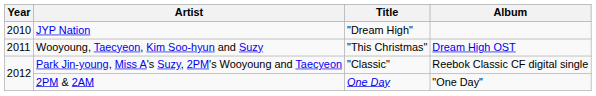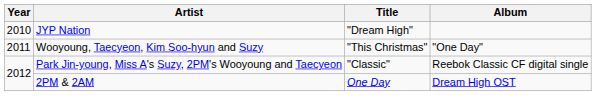 <table class="wikitable">
 <tr style="background:#b0c4de; text-align:center;">
 <th>Year</th>
 <th>Artist</th>
 <th>Title</th>
 <th>Album</th>
 </tr>
 <tr>
 <td>2010</td>
 <td><a href='#'>JYP Nation</a></td>
 <td>"Dream High"</td>
 <td></td>
 </tr>
 <tr>
 <td>2011</td>
 <td>Wooyoung, <a href='#'>Taecyeon</a>, <a href='#'>Kim Soo-hyun</a> and <a href='#'>Suzy</a></td>
 <td>"This Christmas"</td>
-<td><a href='#'>Dream High OST</a></td>
+<td>"One Day"</td>
 </tr>
 <tr>
 <td rowspan="2">2012</td>
 <td><a href='#'>Park Jin-young</a>, <a href='#'>Miss A</a>'s <a href='#'>Suzy</a>, <a href='#'>2PM</a>'s Wooyoung and <a href='#'>Taecyeon</a></td>
 <td>"Classic"</td>
 <td>Reebok Classic CF digital single</td>
 </tr>
 <tr>
 <td><a href='#'>2PM</a> & <a href='#'>2AM</a></td>
 <td><em><a href='#'>One Day</a></em></td>
-<td>"One Day"</td>
+<td><a href='#'>Dream High OST</a></td>
 </tr>
 </table>
